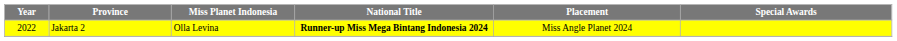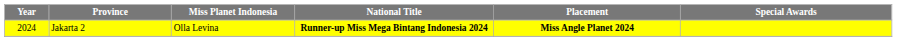 <table class="wikitable sortable" style="font-size: 83%; text-align:center">
 <tr>
 <th width="60" style="background-color:#787878;color:#FFFFFF;">Year</th>
 <th width="180" style="background-color:#787878;color:#FFFFFF;">Province</th>
 <th width="180" style="background-color:#787878;color:#FFFFFF;">Miss Planet Indonesia</th>
 <th width="300" style="background-color:#787878;color:#FFFFFF;">National Title</th>
 <th width="280" style="background-color:#787878;color:#FFFFFF;">Placement</th>
 <th width="320" style="background-color:#787878;color:#FFFFFF;">Special Awards</th>
 </tr>
 <tr style="background-color:#FFFF00">
-<td>2022</td>
+<td>2024</td>
 <td align="left">Jakarta 2</td>
 <td align="left">Olla Levina</td>
 <td><strong>Runner-up Miss Mega Bintang Indonesia 2024</strong></td>
-<td>Miss Angle Planet 2024</td>
+<td><strong>Miss Angle Planet 2024</strong></td>
 <td></td>
 </tr>
 <tr>
 </tr>
 </table>
